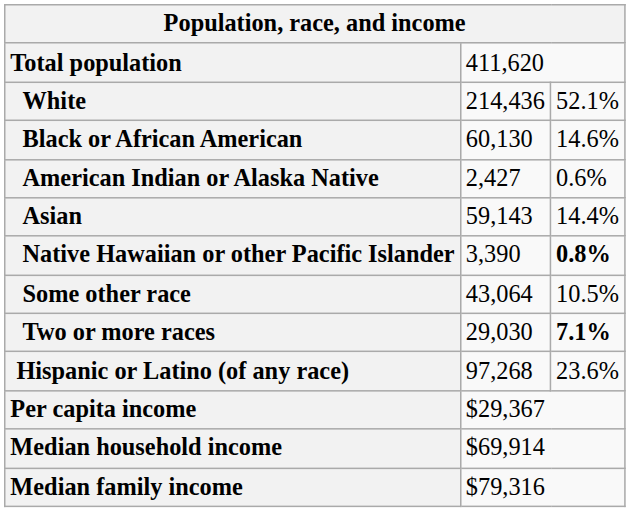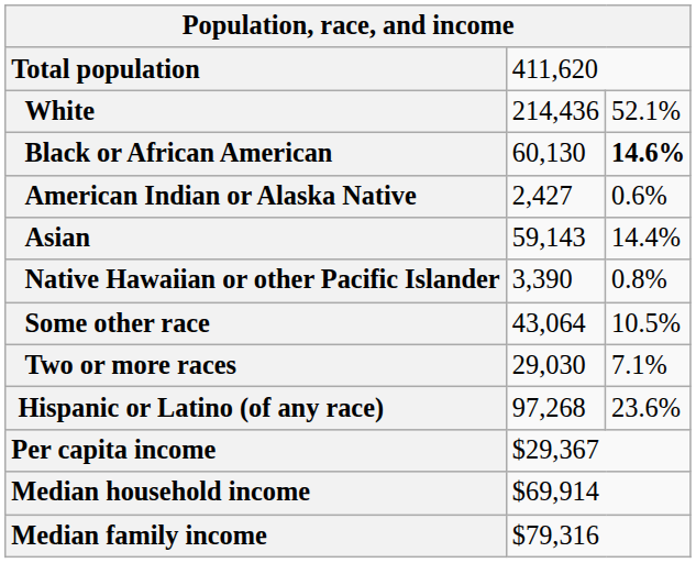 <table class="wikitable collapsible collapsed">
 <tr>
 <th colspan=6>Population, race, and income</th>
 </tr>
 <tr>
 <th scope="row" style="text-align: left;">Total population</th>
 <td colspan=2>411,620</td>
 </tr>
 <tr>
 <th scope="row" style="text-align: left;">  White</th>
 <td>214,436</td>
 <td>52.1%</td>
 </tr>
 <tr>
 <th scope="row" style="text-align: left;">  Black or African American</th>
 <td>60,130</td>
-<td>14.6%</td>
+<td><strong>14.6%</strong></td>
 </tr>
 <tr>
 <th scope="row" style="text-align: left;">  American Indian or Alaska Native</th>
 <td>2,427</td>
 <td>0.6%</td>
 </tr>
 <tr>
 <th scope="row" style="text-align: left;">  Asian</th>
 <td>59,143</td>
 <td>14.4%</td>
 </tr>
 <tr>
 <th scope="row" style="text-align: left;">  Native Hawaiian or other Pacific Islander</th>
 <td>3,390</td>
-<td><strong>0.8%</strong></td>
+<td>0.8%</td>
 </tr>
 <tr>
 <th scope="row" style="text-align: left;">  Some other race</th>
 <td>43,064</td>
 <td>10.5%</td>
 </tr>
 <tr>
 <th scope="row" style="text-align: left;">  Two or more races</th>
 <td>29,030</td>
-<td><strong>7.1%</strong></td>
+<td>7.1%</td>
 </tr>
 <tr>
 <th scope="row" style="text-align: left;"> Hispanic or Latino (of any race)</th>
 <td>97,268</td>
 <td>23.6%</td>
 </tr>
 <tr>
 <th scope="row" style="text-align: left;">Per capita income</th>
 <td colspan=2>$29,367</td>
 </tr>
 <tr>
 <th scope="row" style="text-align: left;">Median household income</th>
 <td colspan=2>$69,914</td>
 </tr>
 <tr>
 <th scope="row" style="text-align: left;">Median family income</th>
 <td colspan=2>$79,316</td>
 </tr>
 </table>
